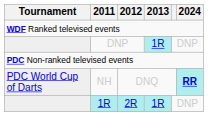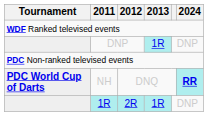 <table class="wikitable" style="width:20%; margin:0">
 <tr>
 <th>Tournament</th>
 <th>2011</th>
 <th>2012</th>
 <th>2013</th>
 <th></th>
 <th>2024</th>
 </tr>
 <tr>
 <td colspan="6" style="text-align:left"><small><strong><a href='#'>WDF</a> </strong>Ranked televised events</small></td>
 </tr>
 <tr>
 <td style="background:#efefef;"></td>
 <td colspan="2" style="text-align:center; color:#ccc;">DNP</td>
 <td style="text-align:center; background:#afeeee;"><a href='#'>1R</a></td>
 <td colspan="2" style="text-align:center; color:#ccc;">DNP</td>
 </tr>
 <tr>
 <td colspan="6" style="text-align:left"><small><strong><a href='#'>PDC</a> </strong>Non-ranked televised events</small></td>
 </tr>
 <tr>
-<td style="background:#efefef;"><a href='#'>PDC World Cup of Darts</a></td>
+<td style="background:#efefef;"><strong><a href='#'>PDC World Cup of Darts</a></strong></td>
 <td colspan="1" style="text-align:center; color:#ccc;">NH</td>
 <td colspan="3" style="text-align:center; color:#ccc;">DNQ</td>
 <td style="text-align:center; background:#afeeee;"><strong><a href='#'>RR</a></strong></td>
 </tr>
 <tr>
 <td style="background:#efefef;"></td>
 <td style="text-align:center; background:#afeeee;"><a href='#'>1R</a></td>
 <td style="text-align:center; background:#afeeee;"><a href='#'>2R</a></td>
 <td style="text-align:center; background:#afeeee;"><a href='#'>1R</a></td>
 <td colspan="3" style="text-align:center; color:#ccc;">DNP</td>
 </tr>
 </table>
